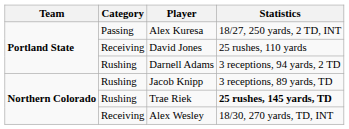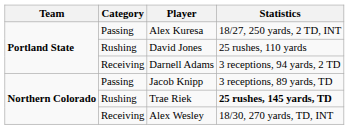 <table class="wikitable" style="float: right;">
 <tr>
 <th>Team</th>
 <th>Category</th>
 <th>Player</th>
 <th>Statistics</th>
 </tr>
 <tr>
 <td rowspan=3><strong>Portland State</strong></td>
 <td>Passing</td>
 <td>Alex Kuresa</td>
 <td>18/27, 250 yards, 2 TD, INT</td>
 </tr>
 <tr>
-<td>Receiving</td>
+<td>Rushing</td>
 <td>David Jones</td>
 <td>25 rushes, 110 yards</td>
 </tr>
 <tr>
-<td>Rushing</td>
+<td>Receiving</td>
 <td>Darnell Adams</td>
 <td>3 receptions, 94 yards, 2 TD</td>
 </tr>
 <tr>
 <td rowspan=3><strong>Northern Colorado</strong></td>
-<td>Rushing</td>
+<td>Passing</td>
 <td>Jacob Knipp</td>
 <td>3 receptions, 89 yards, TD</td>
 </tr>
 <tr>
 <td>Rushing</td>
 <td>Trae Riek</td>
 <td><strong>25 rushes, 145 yards, TD</strong></td>
 </tr>
 <tr>
 <td>Receiving</td>
 <td>Alex Wesley</td>
 <td>18/30, 270 yards, TD, INT</td>
 </tr>
 </table>
